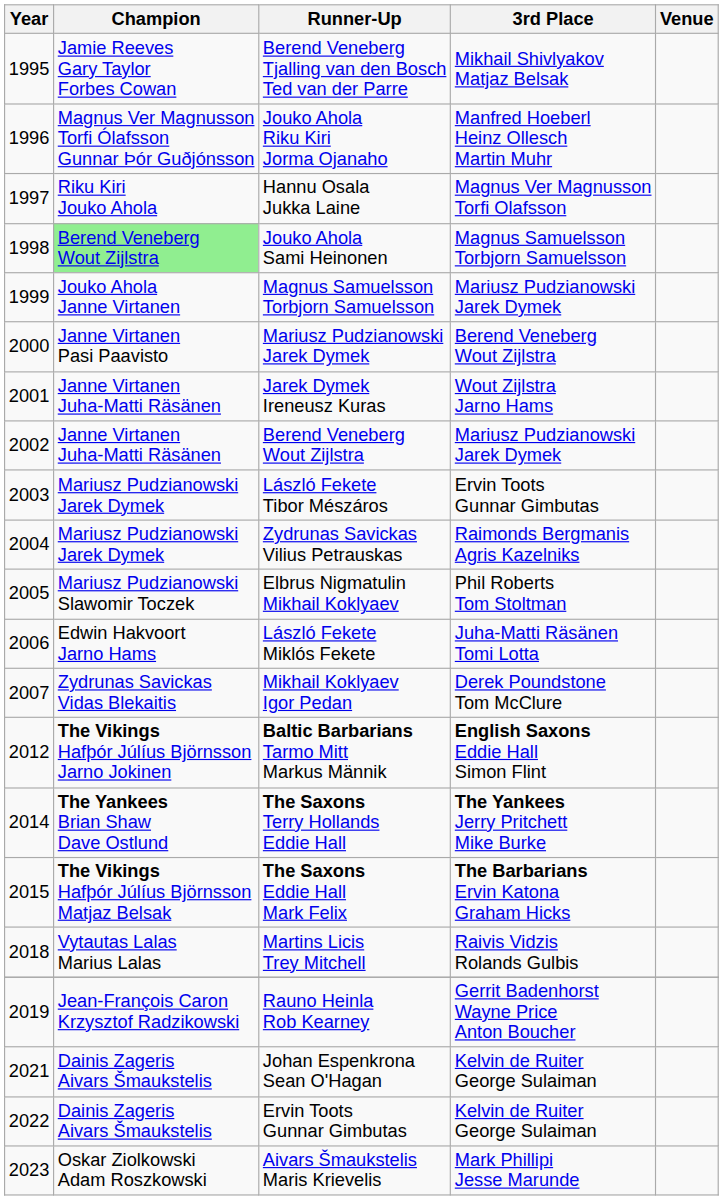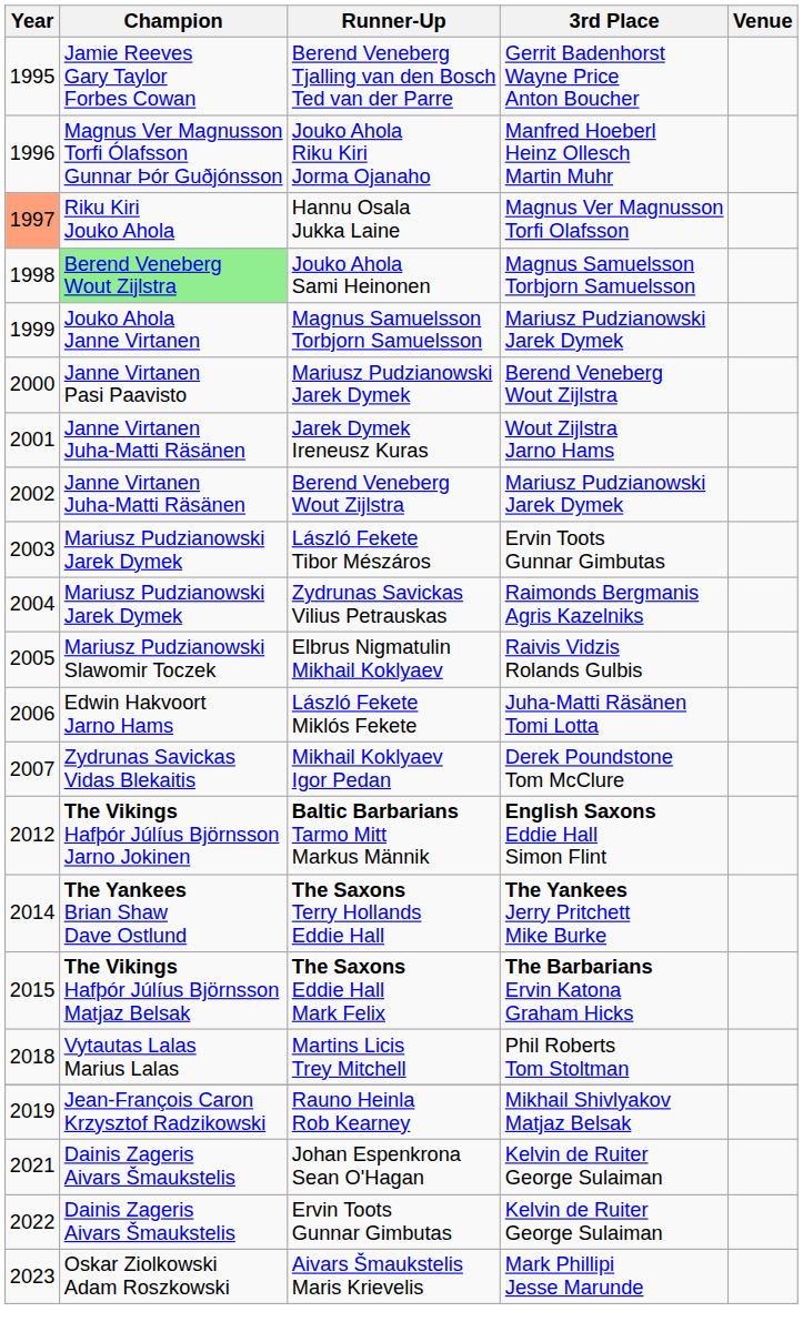 <table class="wikitable sortable" style="display: inline-table">
 <tr>
 <th>Year</th>
 <th>Champion</th>
 <th>Runner-Up</th>
 <th>3rd Place</th>
 <th>Venue</th>
 </tr>
 <tr>
 <td>1995</td>
 <td> <a href='#'>Jamie Reeves</a><br> <a href='#'>Gary Taylor</a><br> <a href='#'>Forbes Cowan</a></td>
 <td> <a href='#'>Berend Veneberg</a><br> <a href='#'>Tjalling van den Bosch</a><br> <a href='#'>Ted van der Parre</a></td>
-<td> <a href='#'>Mikhail Shivlyakov</a><br> <a href='#'>Matjaz Belsak</a></td>
+<td> <a href='#'>Gerrit Badenhorst</a><br> <a href='#'>Wayne Price</a><br> <a href='#'>Anton Boucher</a></td>
 <td></td>
 </tr>
 <tr>
 <td>1996</td>
 <td> <a href='#'>Magnus Ver Magnusson</a><br> <a href='#'>Torfi Ólafsson</a><br> <a href='#'>Gunnar Þór Guðjónsson</a></td>
 <td> <a href='#'>Jouko Ahola</a><br> <a href='#'>Riku Kiri</a><br> <a href='#'>Jorma Ojanaho</a></td>
 <td> <a href='#'>Manfred Hoeberl</a><br> <a href='#'>Heinz Ollesch</a><br> <a href='#'>Martin Muhr</a></td>
 <td></td>
 </tr>
 <tr>
-<td>1997</td>
+<td style="background: lightsalmon;">1997</td>
 <td> <a href='#'>Riku Kiri</a><br> <a href='#'>Jouko Ahola</a></td>
 <td> Hannu Osala<br> Jukka Laine</td>
 <td> <a href='#'>Magnus Ver Magnusson</a><br> <a href='#'>Torfi Olafsson</a></td>
 <td></td>
 </tr>
 <tr>
 <td>1998</td>
 <td style="background: lightgreen;"> <a href='#'>Berend Veneberg</a><br> <a href='#'>Wout Zijlstra</a></td>
 <td> <a href='#'>Jouko Ahola</a><br> Sami Heinonen</td>
 <td> <a href='#'>Magnus Samuelsson</a><br> <a href='#'>Torbjorn Samuelsson</a></td>
 <td></td>
 </tr>
 <tr>
 <td>1999</td>
 <td> <a href='#'>Jouko Ahola</a><br> <a href='#'>Janne Virtanen</a></td>
 <td> <a href='#'>Magnus Samuelsson</a><br> <a href='#'>Torbjorn Samuelsson</a></td>
 <td> <a href='#'>Mariusz Pudzianowski</a><br> <a href='#'>Jarek Dymek</a></td>
 <td></td>
 </tr>
 <tr>
 <td>2000</td>
 <td> <a href='#'>Janne Virtanen</a><br> Pasi Paavisto</td>
 <td> <a href='#'>Mariusz Pudzianowski</a><br> <a href='#'>Jarek Dymek</a></td>
 <td> <a href='#'>Berend Veneberg</a><br> <a href='#'>Wout Zijlstra</a></td>
 <td></td>
 </tr>
 <tr>
 <td>2001</td>
 <td> <a href='#'>Janne Virtanen</a><br> <a href='#'>Juha-Matti Räsänen</a></td>
 <td> <a href='#'>Jarek Dymek</a><br> Ireneusz Kuras</td>
 <td> <a href='#'>Wout Zijlstra</a><br> <a href='#'>Jarno Hams</a></td>
 <td></td>
 </tr>
 <tr>
 <td>2002</td>
 <td> <a href='#'>Janne Virtanen</a><br> <a href='#'>Juha-Matti Räsänen</a></td>
 <td> <a href='#'>Berend Veneberg</a><br> <a href='#'>Wout Zijlstra</a></td>
 <td> <a href='#'>Mariusz Pudzianowski</a><br> <a href='#'>Jarek Dymek</a></td>
 <td></td>
 </tr>
 <tr>
 <td>2003</td>
 <td> <a href='#'>Mariusz Pudzianowski</a><br> <a href='#'>Jarek Dymek</a></td>
 <td> <a href='#'>László Fekete</a><br> Tibor Mészáros</td>
 <td> Ervin Toots<br> Gunnar Gimbutas</td>
 <td></td>
 </tr>
 <tr>
 <td>2004</td>
 <td> <a href='#'>Mariusz Pudzianowski</a><br> <a href='#'>Jarek Dymek</a></td>
 <td> <a href='#'>Zydrunas Savickas</a><br> Vilius Petrauskas</td>
 <td> <a href='#'>Raimonds Bergmanis</a><br> <a href='#'>Agris Kazelniks</a></td>
 <td></td>
 </tr>
 <tr>
 <td>2005</td>
 <td> <a href='#'>Mariusz Pudzianowski</a><br> Slawomir Toczek</td>
 <td> Elbrus Nigmatulin<br> <a href='#'>Mikhail Koklyaev</a></td>
-<td> Phil Roberts<br> <a href='#'>Tom Stoltman</a></td>
+<td> <a href='#'>Raivis Vidzis</a><br> Rolands Gulbis</td>
 <td></td>
 </tr>
 <tr>
 <td>2006</td>
 <td> Edwin Hakvoort<br> <a href='#'>Jarno Hams</a></td>
 <td> <a href='#'>László Fekete</a><br> Miklós Fekete</td>
 <td> <a href='#'>Juha-Matti Räsänen</a><br> <a href='#'>Tomi Lotta</a></td>
 <td></td>
 </tr>
 <tr>
 <td>2007</td>
 <td> <a href='#'>Zydrunas Savickas</a><br> <a href='#'>Vidas Blekaitis</a></td>
 <td> <a href='#'>Mikhail Koklyaev</a><br> <a href='#'>Igor Pedan</a></td>
 <td> <a href='#'>Derek Poundstone</a><br> Tom McClure</td>
 <td></td>
 </tr>
 <tr>
 <td>2012 </td>
 <td><strong>The Vikings</strong><br> <a href='#'>Hafþór Júlíus Björnsson</a><br> <a href='#'>Jarno Jokinen</a></td>
 <td><strong>Baltic Barbarians</strong><br> <a href='#'>Tarmo Mitt</a><br> Markus Männik</td>
 <td><strong>English Saxons</strong><br> <a href='#'>Eddie Hall</a><br> Simon Flint</td>
 <td></td>
 </tr>
 <tr>
 <td>2014</td>
 <td><strong>The Yankees</strong><br> <a href='#'>Brian Shaw</a><br> <a href='#'>Dave Ostlund</a></td>
 <td><strong>The Saxons</strong><br> <a href='#'>Terry Hollands</a><br> <a href='#'>Eddie Hall</a></td>
 <td><strong>The Yankees</strong><br> <a href='#'>Jerry Pritchett</a><br> <a href='#'>Mike Burke</a></td>
 <td></td>
 </tr>
 <tr>
 <td>2015 </td>
 <td><strong>The Vikings</strong><br> <a href='#'>Hafþór Júlíus Björnsson</a><br> <a href='#'>Matjaz Belsak</a></td>
 <td><strong>The Saxons</strong><br> <a href='#'>Eddie Hall</a><br> <a href='#'>Mark Felix</a></td>
 <td><strong>The Barbarians</strong><br> <a href='#'>Ervin Katona</a><br> <a href='#'>Graham Hicks</a></td>
 <td></td>
 </tr>
 <tr>
 <td>2018</td>
 <td> <a href='#'>Vytautas Lalas</a><br> Marius Lalas</td>
 <td> <a href='#'>Martins Licis</a><br> <a href='#'>Trey Mitchell</a></td>
-<td> <a href='#'>Raivis Vidzis</a><br> Rolands Gulbis</td>
+<td> Phil Roberts<br> <a href='#'>Tom Stoltman</a></td>
 <td></td>
 </tr>
 <tr>
 </tr>
 <tr>
 <td>2019</td>
 <td> <a href='#'>Jean-François Caron</a><br> <a href='#'>Krzysztof Radzikowski</a></td>
 <td> <a href='#'>Rauno Heinla</a><br> <a href='#'>Rob Kearney</a></td>
-<td> <a href='#'>Gerrit Badenhorst</a><br> <a href='#'>Wayne Price</a><br> <a href='#'>Anton Boucher</a></td>
+<td> <a href='#'>Mikhail Shivlyakov</a><br> <a href='#'>Matjaz Belsak</a></td>
 <td></td>
 </tr>
 <tr>
 <td>2021</td>
 <td> <a href='#'>Dainis Zageris</a><br> <a href='#'>Aivars Šmaukstelis</a></td>
 <td> Johan Espenkrona<br> Sean O'Hagan</td>
 <td> <a href='#'>Kelvin de Ruiter</a><br> George Sulaiman</td>
 <td></td>
 </tr>
 <tr>
 <td>2022</td>
 <td> <a href='#'>Dainis Zageris</a><br> <a href='#'>Aivars Šmaukstelis</a></td>
 <td> Ervin Toots<br> Gunnar Gimbutas</td>
 <td> <a href='#'>Kelvin de Ruiter</a><br> George Sulaiman</td>
 <td></td>
 </tr>
 <tr>
 <td>2023</td>
 <td> Oskar Ziolkowski<br> Adam Roszkowski</td>
 <td> <a href='#'>Aivars Šmaukstelis</a><br> Maris Krievelis</td>
 <td> <a href='#'>Mark Phillipi</a><br> <a href='#'>Jesse Marunde</a></td>
 <td></td>
 </tr>
 </table>
